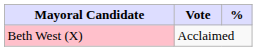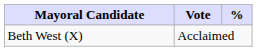 <table class="wikitable">
 <tr>
 <th style="background:#ddf; width:200px;">Mayoral Candidate </th>
 <th style="background:#ddf; width:50px;">Vote</th>
 <th style="background:#ddf; width:30px;">%</th>
 </tr>
 <tr>
-<td style="background: pink;">Beth West (X)</td>
+<td>Beth West (X)</td>
 <td colspan="2">Acclaimed</td>
 </tr>
 </table>
